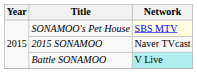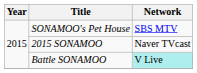 <table class="wikitable">
 <tr>
 <th>Year</th>
 <th>Title</th>
 <th>Network</th>
 </tr>
 <tr>
 <td rowspan="3">2015</td>
 <td><em>SONAMOO's Pet House</em></td>
-<td style="background: lightyellow;"><a href='#'>SBS MTV</a></td>
+<td><a href='#'>SBS MTV</a></td>
 </tr>
 <tr>
 <td><em>2015 SONAMOO</em></td>
 <td>Naver TVcast</td>
 </tr>
 <tr>
 <td><em>Battle SONAMOO</em></td>
 <td style="background: paleturquoise;">V Live</td>
 </tr>
 <tr>
 </tr>
 </table>
